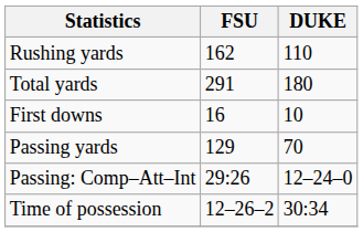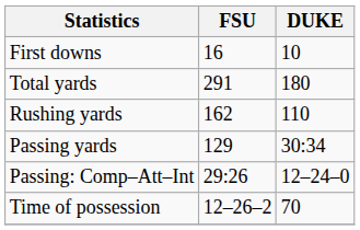 <table class="wikitable" style="float: left;">
 <tr>
 <th>Statistics</th>
 <th>FSU</th>
 <th>DUKE</th>
 </tr>
 <tr>
-<td>Rushing yards</td>
-<td>162</td>
-<td>110</td>
+<td>First downs</td>
+<td>16</td>
+<td>10</td>
 </tr>
 <tr>
 <td>Total yards</td>
 <td>291</td>
 <td>180</td>
 </tr>
 <tr>
-<td>First downs</td>
-<td>16</td>
-<td>10</td>
+<td>Rushing yards</td>
+<td>162</td>
+<td>110</td>
 </tr>
 <tr>
 <td>Passing yards</td>
 <td>129</td>
-<td>70</td>
+<td>30:34</td>
 </tr>
 <tr>
 <td>Passing: Comp–Att–Int</td>
 <td>29:26</td>
 <td>12–24–0</td>
 </tr>
 <tr>
 <td>Time of possession</td>
 <td>12–26–2</td>
-<td>30:34</td>
+<td>70</td>
 </tr>
 <tr>
 </tr>
 </table>
